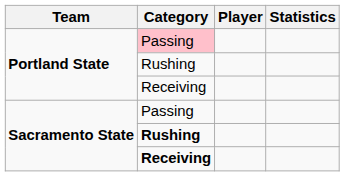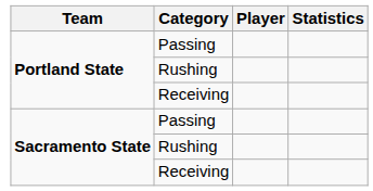 <table class="wikitable" style="float: right;">
 <tr>
 <th>Team</th>
 <th>Category</th>
 <th>Player</th>
 <th>Statistics</th>
 </tr>
 <tr>
 <td rowspan=3><strong>Portland State</strong></td>
-<td style="background: pink;">Passing</td>
+<td>Passing</td>
 <td></td>
 <td></td>
 </tr>
 <tr>
 <td>Rushing</td>
 <td></td>
 <td></td>
 </tr>
 <tr>
 <td>Receiving</td>
 <td></td>
 <td></td>
 </tr>
 <tr>
 <td rowspan=3><strong>Sacramento State</strong></td>
 <td>Passing</td>
 <td></td>
 <td></td>
 </tr>
 <tr>
-<td><strong>Rushing</strong></td>
+<td>Rushing</td>
 <td></td>
 <td></td>
 </tr>
 <tr>
-<td><strong>Receiving</strong></td>
+<td>Receiving</td>
 <td></td>
 <td></td>
 </tr>
 </table>
